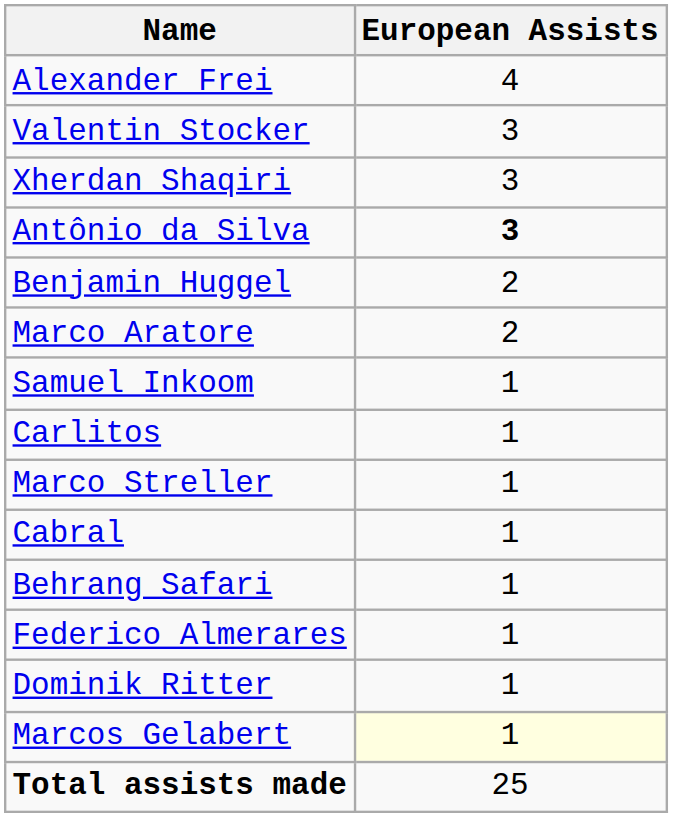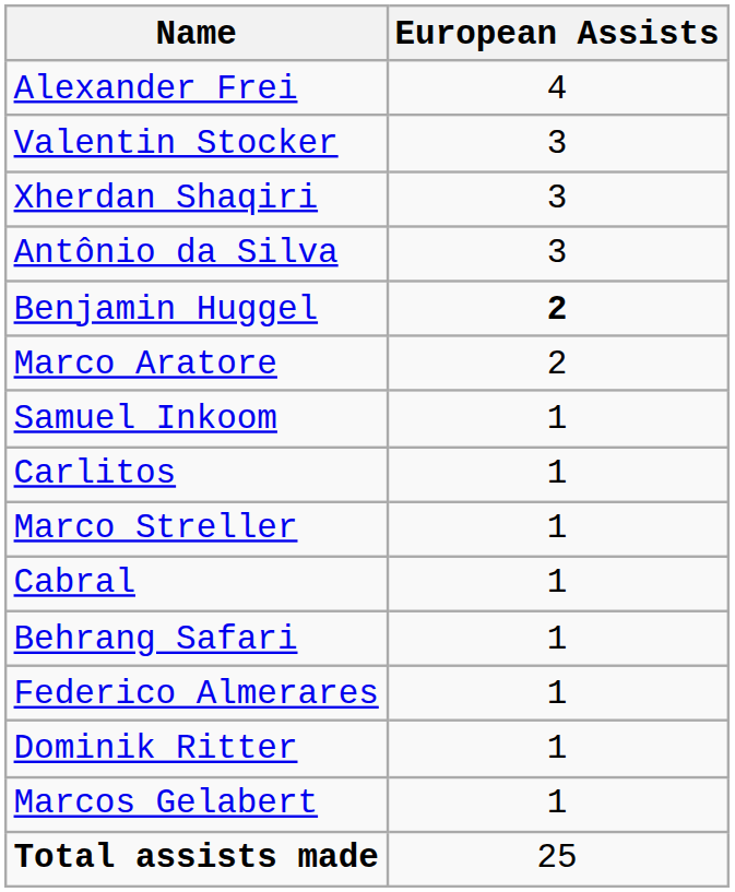 <table class="wikitable">
 <tr>
 <th>Name</th>
 <th>European Assists</th>
 </tr>
 <tr>
 <td> <a href='#'>Alexander Frei</a></td>
 <td style="text-align:center;">4</td>
 </tr>
 <tr>
 <td> <a href='#'>Valentin Stocker</a></td>
 <td style="text-align:center;">3</td>
 </tr>
 <tr>
 <td> <a href='#'>Xherdan Shaqiri</a></td>
 <td style="text-align:center;">3</td>
 </tr>
 <tr>
 <td> <a href='#'>Antônio da Silva</a></td>
-<td style="text-align:center;"><strong>3</strong></td>
+<td style="text-align:center;">3</td>
 </tr>
 <tr>
 <td> <a href='#'>Benjamin Huggel</a></td>
-<td style="text-align:center;">2</td>
+<td style="text-align:center;"><strong>2</strong></td>
 </tr>
 <tr>
 <td> <a href='#'>Marco Aratore</a></td>
 <td style="text-align:center;">2</td>
 </tr>
 <tr>
 <td> <a href='#'>Samuel Inkoom</a></td>
 <td style="text-align:center;">1</td>
 </tr>
 <tr>
 <td> <a href='#'>Carlitos</a></td>
 <td style="text-align:center;">1</td>
 </tr>
 <tr>
 <td> <a href='#'>Marco Streller</a></td>
 <td style="text-align:center;">1</td>
 </tr>
 <tr>
 <td> <a href='#'>Cabral</a></td>
 <td style="text-align:center;">1</td>
 </tr>
 <tr>
 <td> <a href='#'>Behrang Safari</a></td>
 <td style="text-align:center;">1</td>
 </tr>
 <tr>
 <td> <a href='#'>Federico Almerares</a></td>
 <td style="text-align:center;">1</td>
 </tr>
 <tr>
 <td> <a href='#'>Dominik Ritter</a></td>
 <td style="text-align:center;">1</td>
 </tr>
 <tr>
 <td> <a href='#'>Marcos Gelabert</a></td>
-<td style="background: lightyellow; text-align:center;">1</td>
+<td style="text-align:center;">1</td>
 </tr>
 <tr>
 <td><strong>Total assists made</strong></td>
 <td style="text-align:center;">25</td>
 </tr>
 <tr>
 </tr>
 </table>
